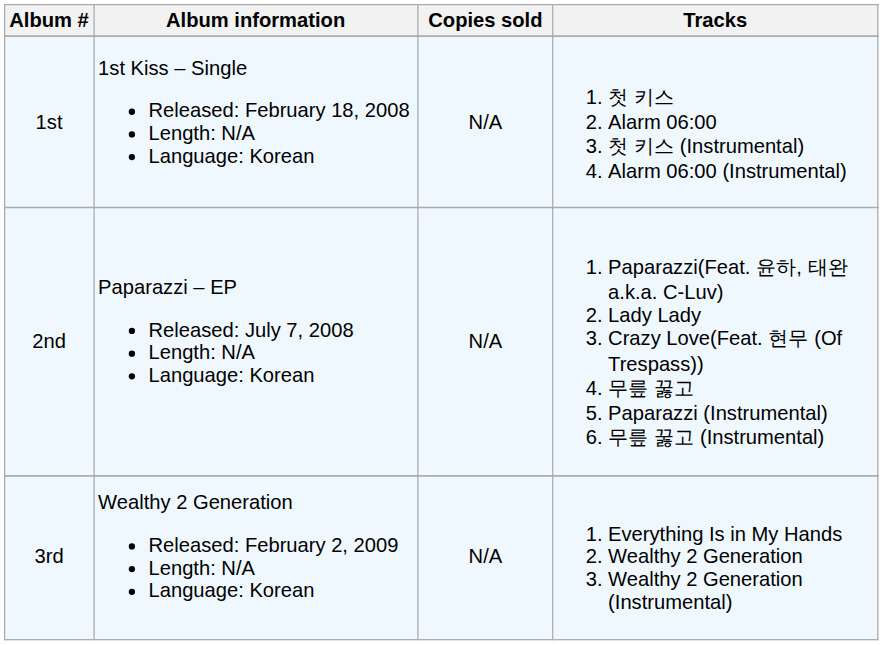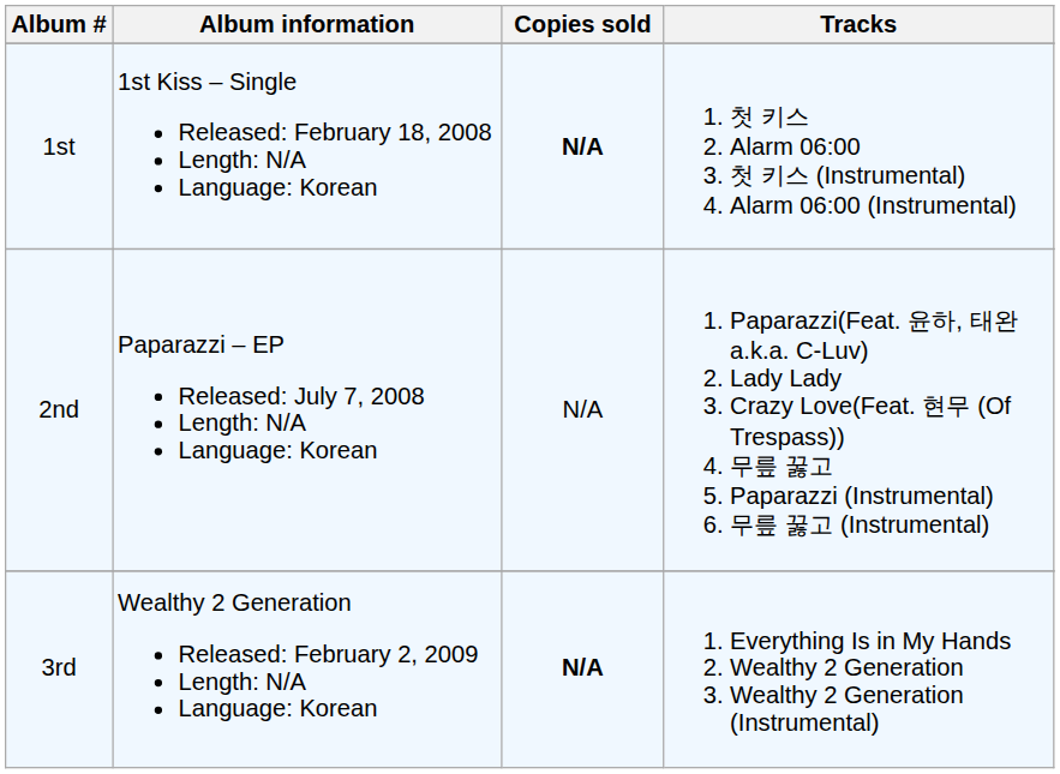 <table class="wikitable">
 <tr>
 <th align="left" width="">Album #</th>
 <th align="left" width="250px">Album information</th>
 <th align="left" width="100px">Copies sold</th>
 <th align="left" width="250px">Tracks</th>
 </tr>
 <tr>
 </tr>
 <tr bgcolor="#F0F8FF">
 <td align="center">1st</td>
 <td align="left">1st Kiss – Single<br><ul><li>Released: February 18, 2008</li><li>Length: N/A</li><li>Language: Korean</li></ul></td>
-<td align="center">N/A</td>
+<td align="center"><strong>N/A</strong></td>
 <td align="left"><br><ol><li>첫 키스</li><li>Alarm 06:00</li><li>첫 키스 (Instrumental)</li><li>Alarm 06:00 (Instrumental)</li></ol></td>
 </tr>
 <tr>
 </tr>
 <tr bgcolor="#F0F8FF">
 <td align="center">2nd</td>
 <td align="left">Paparazzi – EP<br><ul><li>Released: July 7, 2008</li><li>Length: N/A</li><li>Language: Korean</li></ul></td>
 <td align="center">N/A</td>
 <td align="left"><br><ol><li>Paparazzi(Feat. 윤하, 태완 a.k.a. C-Luv)</li><li>Lady Lady</li><li>Crazy Love(Feat. 현무 (Of Trespass))</li><li>무릎 꿇고</li><li>Paparazzi (Instrumental)</li><li>무릎 꿇고  (Instrumental)</li></ol></td>
 </tr>
 <tr>
 </tr>
 <tr bgcolor="#F0F8FF">
 <td align="center">3rd</td>
 <td align="left">Wealthy 2 Generation<br><ul><li>Released: February 2, 2009</li><li>Length: N/A</li><li>Language: Korean</li></ul></td>
-<td align="center">N/A</td>
+<td align="center"><strong>N/A</strong></td>
 <td align="left"><br><ol><li>Everything Is in My Hands</li><li>Wealthy 2 Generation</li><li>Wealthy 2 Generation (Instrumental)</li></ol></td>
 </tr>
 </table>
